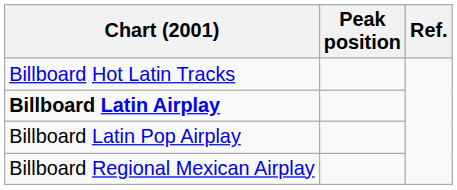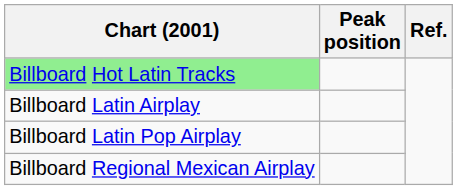 <table class="wikitable sortable">
 <tr>
 <th>Chart (2001)</th>
 <th>Peak<br>position</th>
 <th>Ref.</th>
 </tr>
 <tr>
-<td><a href='#'>Billboard</a> <a href='#'>Hot Latin Tracks</a></td>
+<td style="background: lightgreen;"><a href='#'>Billboard</a> <a href='#'>Hot Latin Tracks</a></td>
 <td></td>
 <td style="text-align:center;" rowspan=4></td>
 </tr>
 <tr>
-<td><strong>Billboard <a href='#'>Latin Airplay</a></strong></td>
+<td>Billboard <a href='#'>Latin Airplay</a></td>
 <td></td>
 </tr>
 <tr>
 <td>Billboard <a href='#'>Latin Pop Airplay</a></td>
 <td></td>
 </tr>
 <tr>
 <td>Billboard <a href='#'>Regional Mexican Airplay</a></td>
 <td></td>
 </tr>
 </table>
